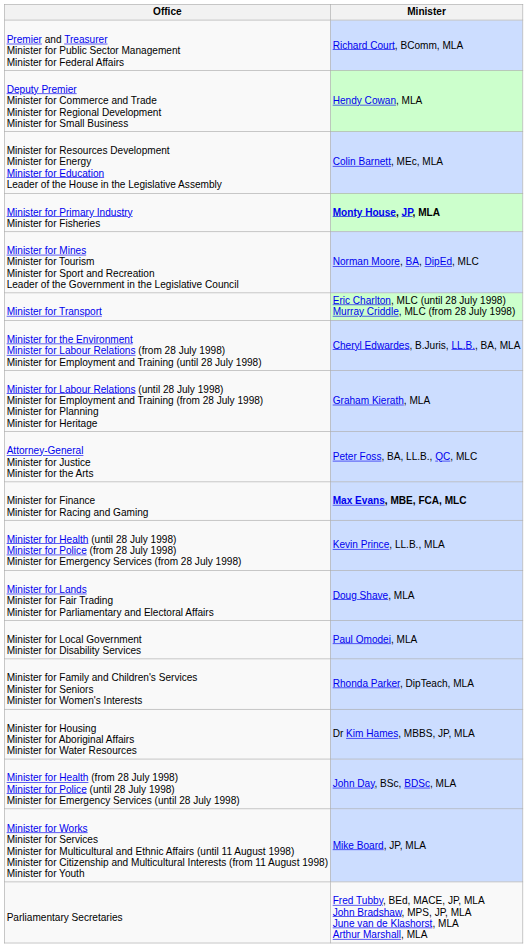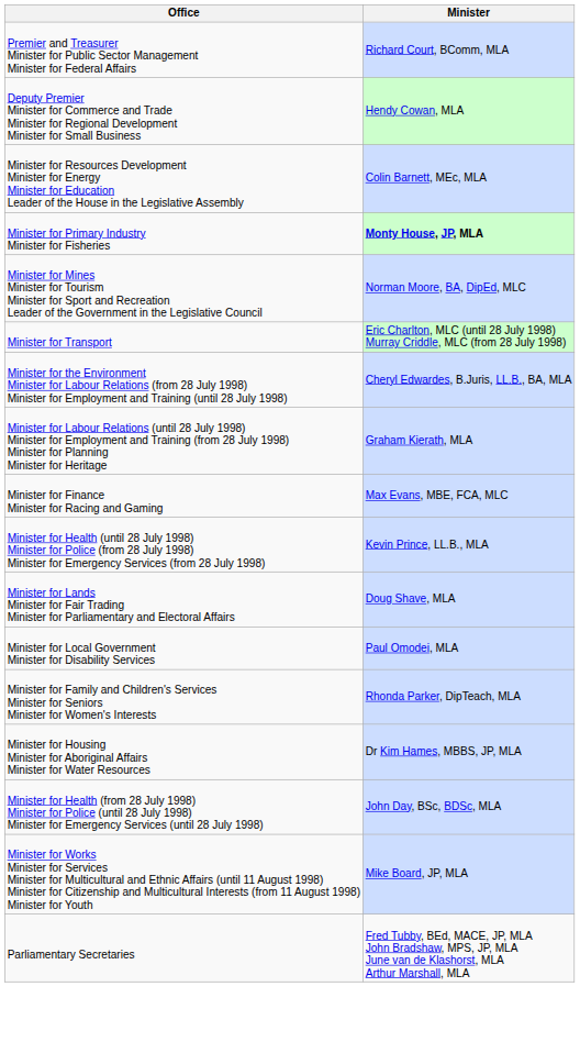 <table class="wikitable">
 <tr>
 <th>Office</th>
 <th>Minister</th>
 </tr>
 <tr>
 <td><br><a href='#'>Premier</a> and <a href='#'>Treasurer</a><br> Minister for Public Sector Management<br> Minister for Federal Affairs<br></td>
 <td style="background:#CCDDFF"><a href='#'>Richard Court</a>, BComm, MLA</td>
 </tr>
 <tr>
 <td><br><a href='#'>Deputy Premier</a><br> Minister for Commerce and Trade<br> Minister for Regional Development<br> Minister for Small Business</td>
 <td style="background:#CCFFCC"><a href='#'>Hendy Cowan</a>, MLA</td>
 </tr>
 <tr>
 <td><br>Minister for Resources Development<br> Minister for Energy<br> <a href='#'>Minister for Education</a><br> Leader of the House in the Legislative Assembly</td>
 <td style="background:#CCDDFF"><a href='#'>Colin Barnett</a>, MEc, MLA</td>
 </tr>
 <tr>
 <td><br><a href='#'>Minister for Primary Industry</a><br> Minister for Fisheries</td>
 <td style="background:#CCFFCC"><strong><a href='#'>Monty House</a>, <a href='#'>JP</a>, MLA</strong></td>
 </tr>
 <tr>
 <td><br><a href='#'>Minister for Mines</a><br> Minister for Tourism<br> Minister for Sport and Recreation<br> Leader of the Government in the Legislative Council</td>
 <td style="background:#CCDDFF"><a href='#'>Norman Moore</a>, <a href='#'>BA</a>, <a href='#'>DipEd</a>, MLC</td>
 </tr>
 <tr>
 <td><br><a href='#'>Minister for Transport</a><br></td>
 <td style="background:#CCFFCC"><a href='#'>Eric Charlton</a>, MLC (until 28 July 1998)<br><a href='#'>Murray Criddle</a>, MLC (from 28 July 1998)</td>
 </tr>
 <tr>
 <td><br><a href='#'>Minister for the Environment</a><br> <a href='#'>Minister for Labour Relations</a> (from 28 July 1998)<br> Minister for Employment and Training (until 28 July 1998)<br></td>
 <td style="background:#CCDDFF"><a href='#'>Cheryl Edwardes</a>, B.Juris, <a href='#'>LL.B.</a>, BA, MLA</td>
 </tr>
 <tr>
 <td><br><a href='#'>Minister for Labour Relations</a> (until 28 July 1998)<br> Minister for Employment and Training (from 28 July 1998)<br> Minister for Planning<br> Minister for Heritage<br></td>
 <td style="background:#CCDDFF"><a href='#'>Graham Kierath</a>, MLA</td>
 </tr>
 <tr>
-<td><br><a href='#'>Attorney-General</a><br> Minister for Justice<br> Minister for the Arts<br></td>
-<td style="background:#CCDDFF"><a href='#'>Peter Foss</a>, BA, LL.B., <a href='#'>QC</a>, MLC</td>
-</tr>
-<tr>
 <td><br>Minister for Finance<br> Minister for Racing and Gaming<br></td>
-<td style="background:#CCDDFF"><strong><a href='#'>Max Evans</a>, MBE, FCA, MLC</strong></td>
+<td style="background:#CCDDFF"><a href='#'>Max Evans</a>, MBE, FCA, MLC</td>
 </tr>
 <tr>
 <td><br><a href='#'>Minister for Health</a> (until 28 July 1998)<br> <a href='#'>Minister for Police</a> (from 28 July 1998)<br> Minister for Emergency Services (from 28 July 1998)<br></td>
 <td style="background:#CCDDFF"><a href='#'>Kevin Prince</a>, LL.B., MLA</td>
 </tr>
 <tr>
 <td><br><a href='#'>Minister for Lands</a><br> Minister for Fair Trading<br> Minister for Parliamentary and Electoral Affairs<br></td>
 <td style="background:#CCDDFF"><a href='#'>Doug Shave</a>, MLA</td>
 </tr>
 <tr>
 <td><br>Minister for Local Government<br> Minister for Disability Services<br></td>
 <td style="background:#CCDDFF"><a href='#'>Paul Omodei</a>, MLA</td>
 </tr>
 <tr>
 <td><br>Minister for Family and Children's Services<br> Minister for Seniors<br> Minister for Women's Interests<br></td>
 <td style="background:#CCDDFF"><a href='#'>Rhonda Parker</a>, DipTeach, MLA</td>
 </tr>
 <tr>
 <td><br>Minister for Housing<br> Minister for Aboriginal Affairs<br> Minister for Water Resources<br></td>
 <td style="background:#CCDDFF">Dr <a href='#'>Kim Hames</a>, MBBS, JP, MLA</td>
 </tr>
 <tr>
 <td><br><a href='#'>Minister for Health</a> (from 28 July 1998)<br> <a href='#'>Minister for Police</a> (until 28 July 1998)<br> Minister for Emergency Services (until 28 July 1998)<br></td>
 <td style="background:#CCDDFF"><a href='#'>John Day</a>, BSc, <a href='#'>BDSc</a>, MLA</td>
 </tr>
 <tr>
 <td><br><a href='#'>Minister for Works</a><br> Minister for Services<br> Minister for Multicultural and Ethnic Affairs (until 11 August 1998)<br> Minister for Citizenship and Multicultural Interests (from 11 August 1998)<br> Minister for Youth<br></td>
 <td style="background:#CCDDFF"><a href='#'>Mike Board</a>, JP, MLA</td>
 </tr>
 <tr>
 <td><br>Parliamentary Secretaries</td>
 <td><br><span><a href='#'>Fred Tubby</a>, BEd, MACE, JP, MLA<br> <a href='#'>John Bradshaw</a>, MPS, JP, MLA<br> <a href='#'>June van de Klashorst</a>, MLA<br> <a href='#'>Arthur Marshall</a>, MLA</span></td>
 </tr>
 </table>
